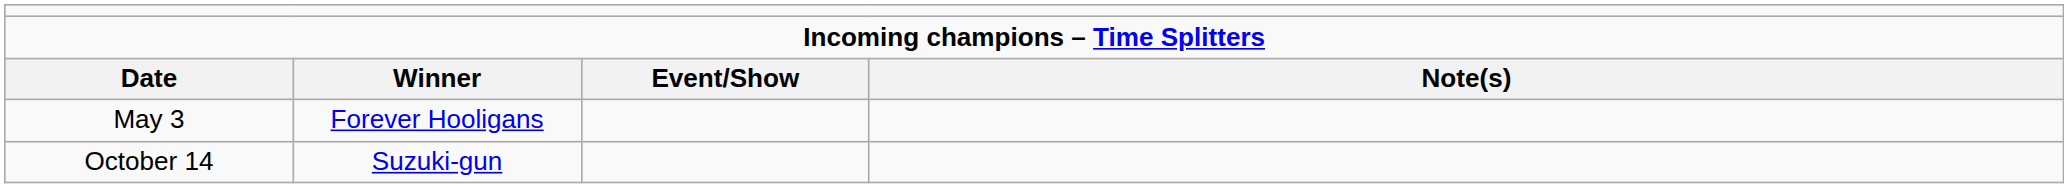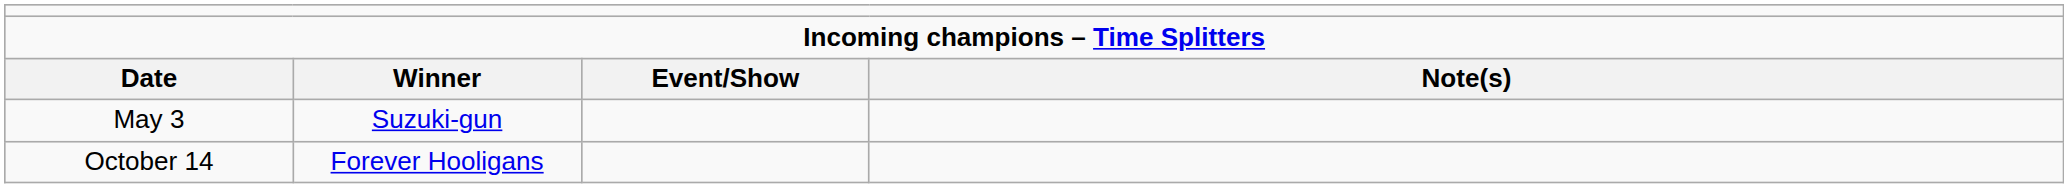 <table class="wikitable" style="text-align:center; width:100%;">
 <tr>
 <td colspan="5"></td>
 </tr>
 <tr>
 <td colspan="5"><strong>Incoming champions – <a href='#'>Time Splitters</a> </strong></td>
 </tr>
 <tr>
 <th width=14%>Date</th>
 <th width=14%>Winner</th>
 <th width=14%>Event/Show</th>
 <th width=58%>Note(s)</th>
 </tr>
 <tr>
 <td>May 3</td>
-<td><a href='#'>Forever Hooligans</a><br></td>
+<td><a href='#'>Suzuki-gun</a><br></td>
 <td></td>
 <td align=left></td>
 </tr>
 <tr>
 <td>October 14</td>
-<td><a href='#'>Suzuki-gun</a><br></td>
+<td><a href='#'>Forever Hooligans</a><br></td>
 <td></td>
 <td align=left></td>
 </tr>
 </table>
